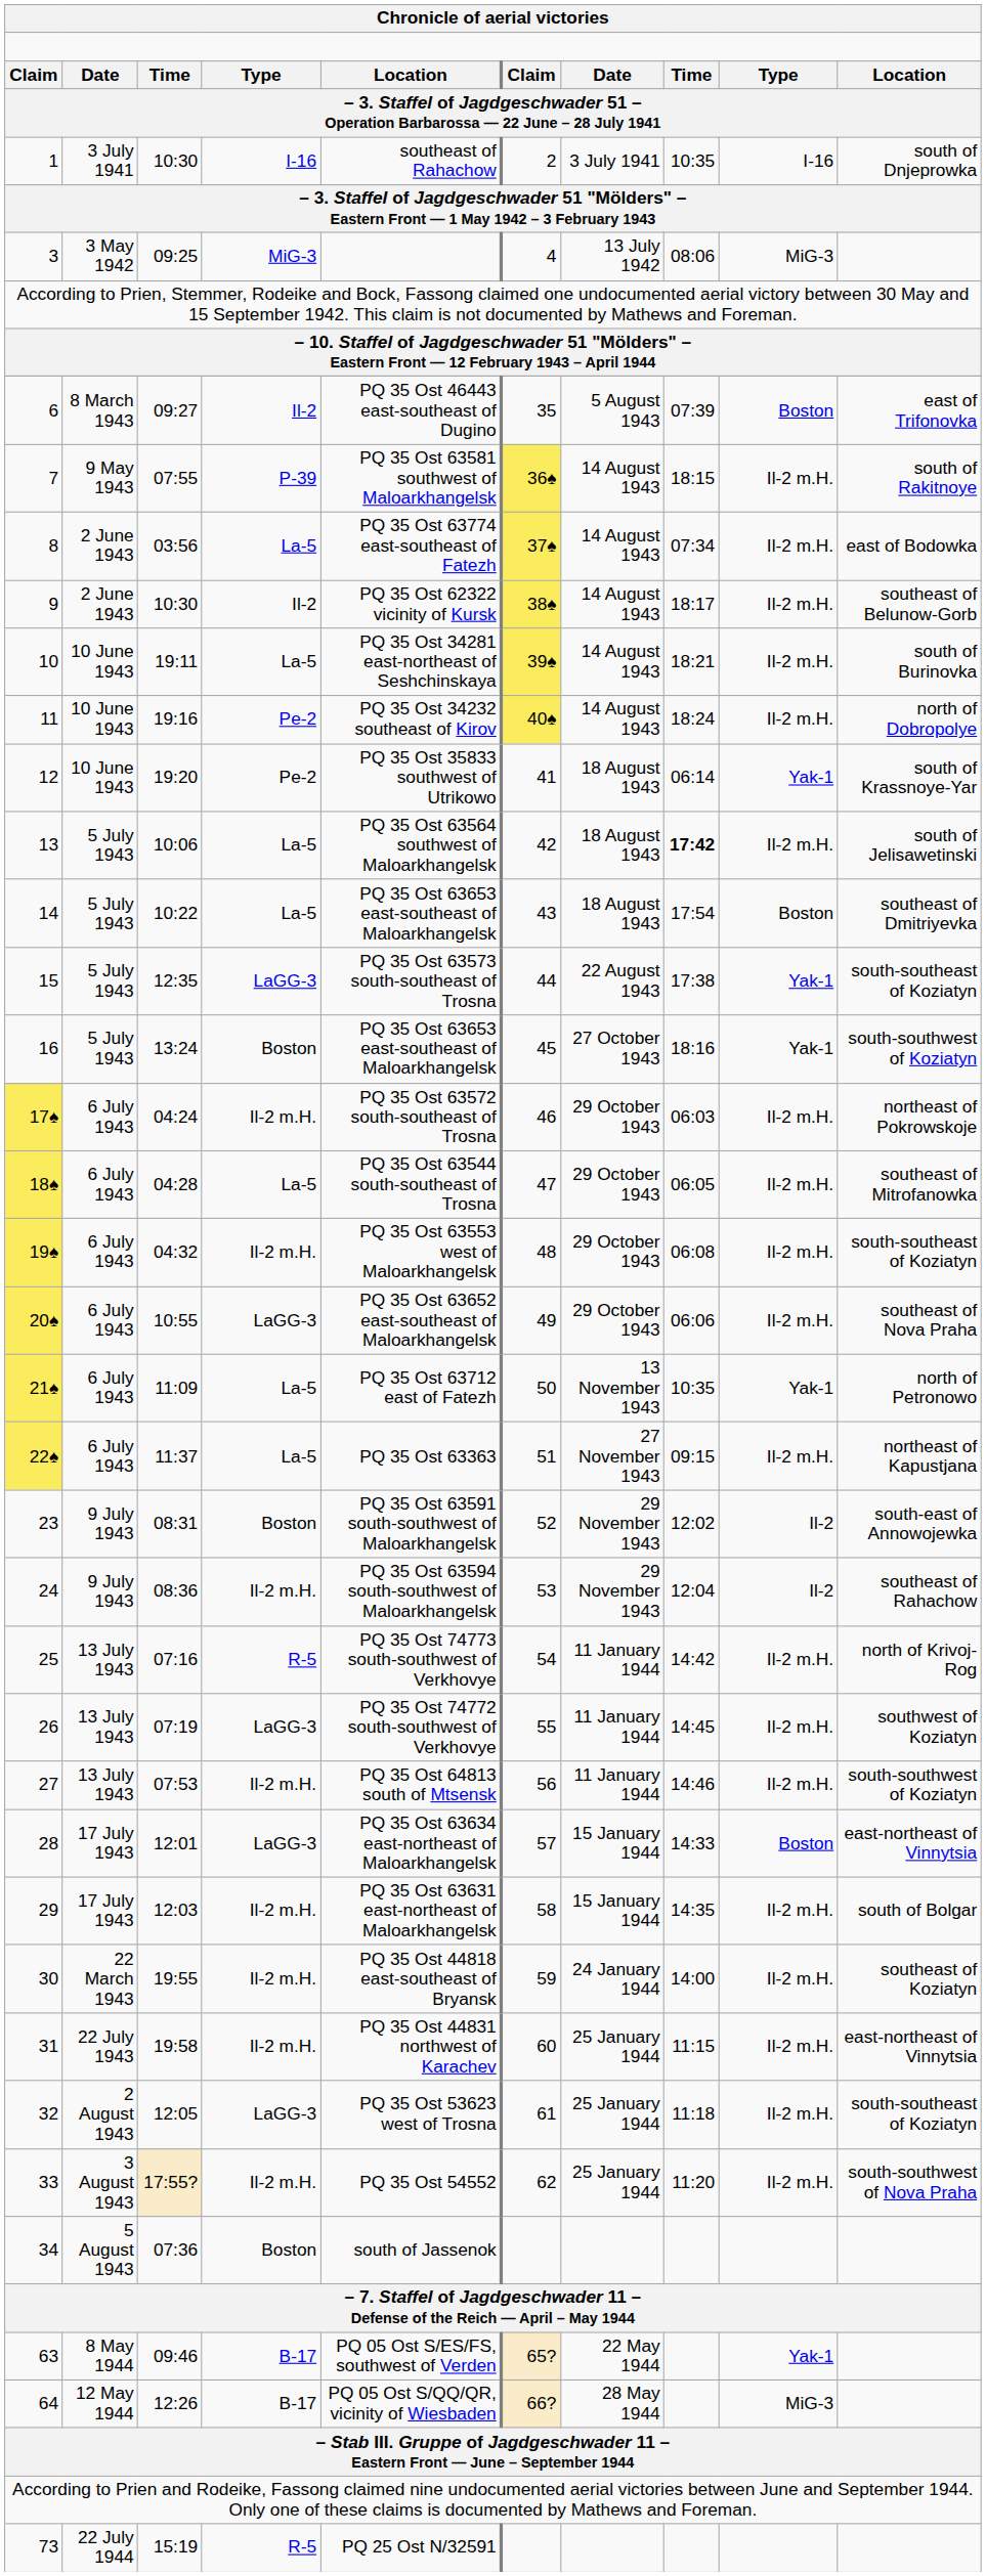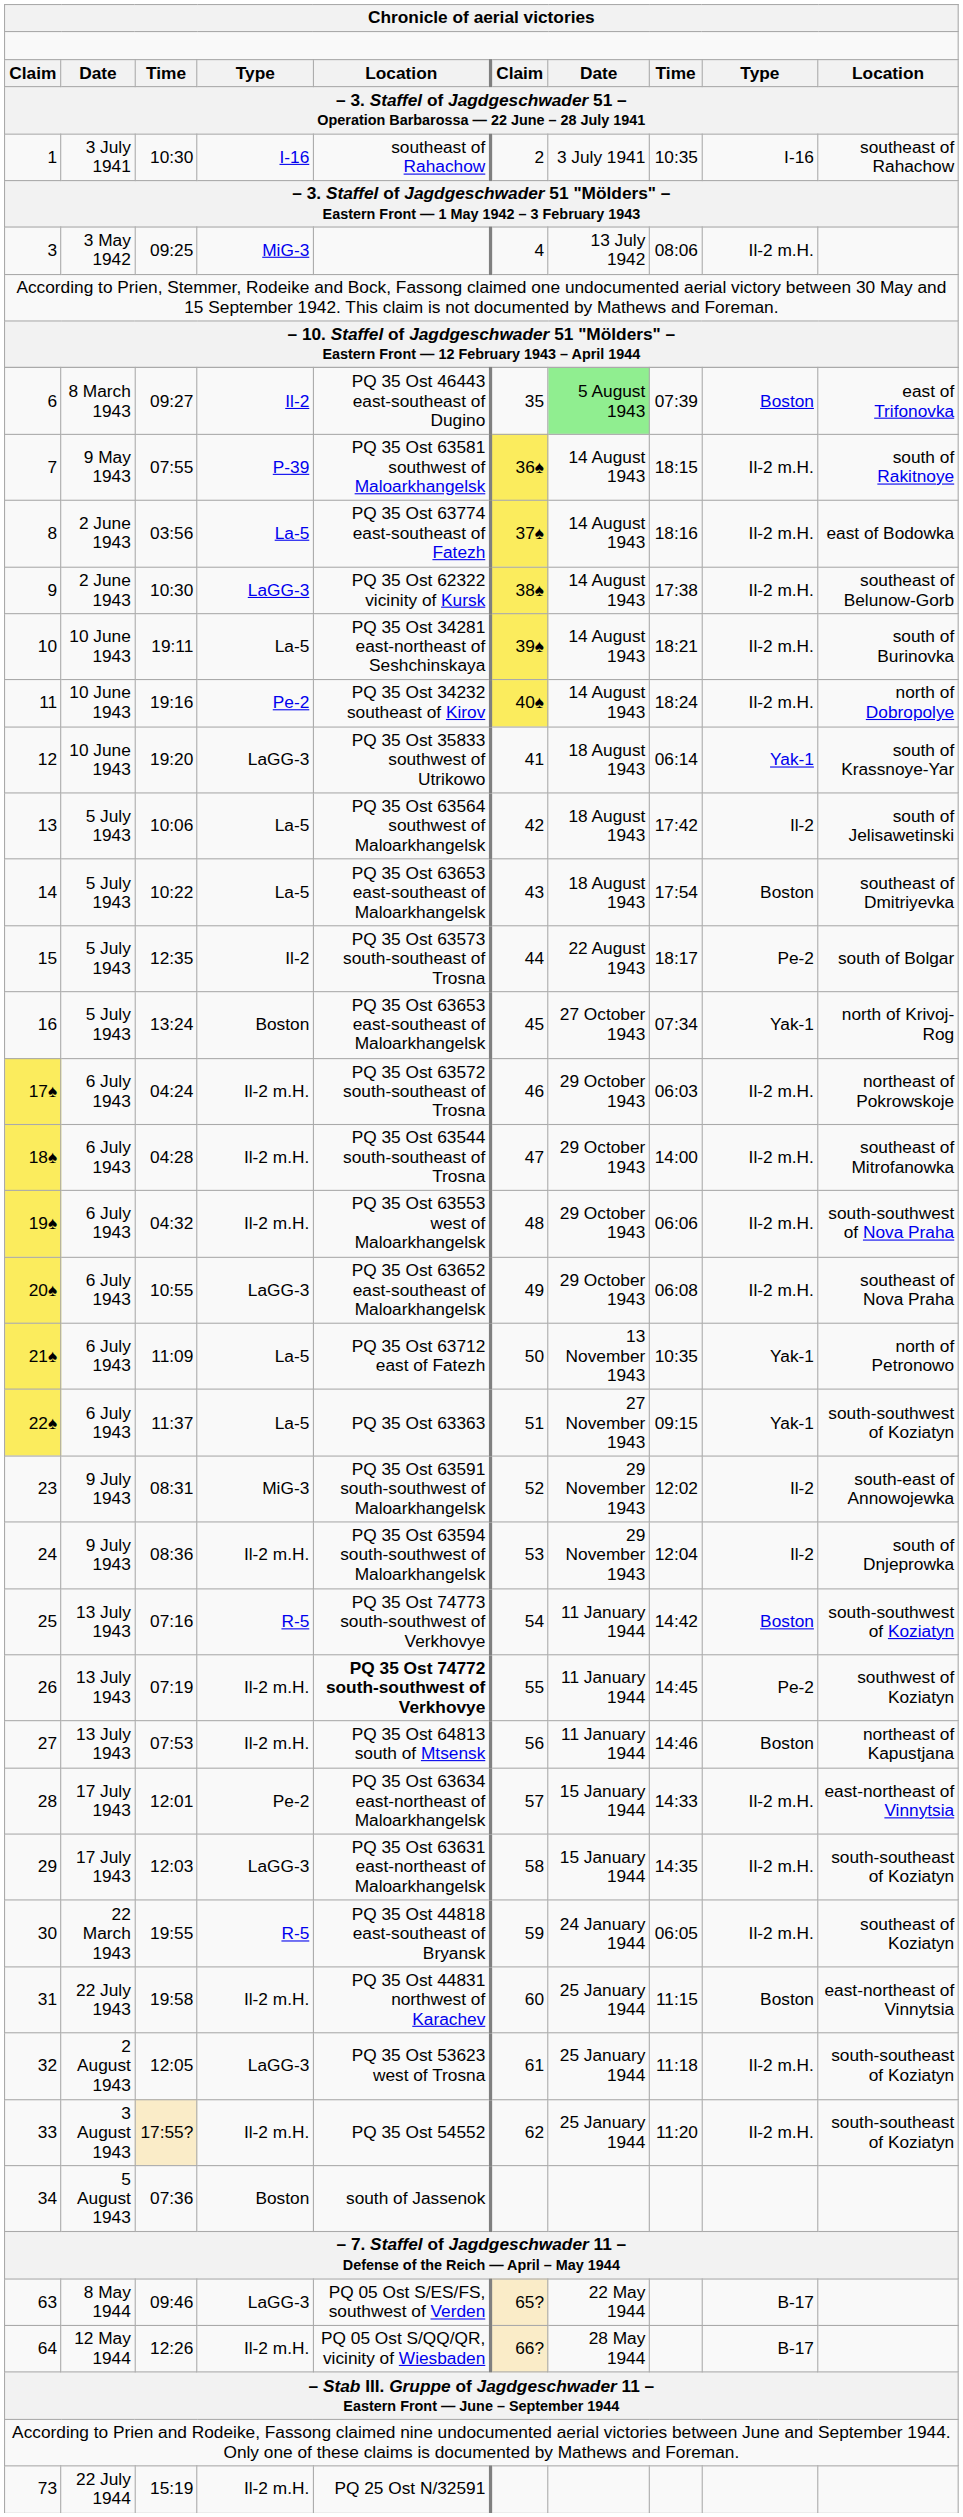 <table class="wikitable plainrowheaders collapsible" style="margin-left: auto; margin-right: auto; border: none; text-align:right; width: 100%;">
 <tr>
 <th colspan="10">Chronicle of aerial victories</th>
 </tr>
 <tr>
 <td colspan="10" style="text-align: left;"><br> </td>
 </tr>
 <tr>
 <th scope="col">Claim</th>
 <th scope="col">Date</th>
 <th scope="col">Time</th>
 <th scope="col" width="100px">Type</th>
 <th scope="col">Location</th>
 <th scope="col" style="border-left: 3px solid grey;">Claim</th>
 <th scope="col">Date</th>
 <th scope="col">Time</th>
 <th scope="col" width="100px">Type</th>
 <th scope="col">Location</th>
 </tr>
 <tr>
 <th colspan="10">– 3. <em>Staffel</em> of <em>Jagdgeschwader</em> 51 –<br><small>Operation Barbarossa — 22 June – 28 July 1941</small></th>
 </tr>
 <tr>
 <td>1</td>
 <td>3 July 1941</td>
 <td>10:30</td>
 <td><a href='#'>I-16</a></td>
 <td>southeast of <a href='#'>Rahachow</a></td>
 <td style="border-left: 3px solid grey;">2</td>
 <td>3 July 1941</td>
 <td>10:35</td>
 <td>I-16</td>
-<td> south of Dnjeprowka</td>
+<td> southeast of Rahachow</td>
 </tr>
 <tr>
 <th colspan="10">– 3. <em>Staffel</em> of <em>Jagdgeschwader</em> 51 "Mölders" –<br><small>Eastern Front — 1 May 1942 – 3 February 1943</small></th>
 </tr>
 <tr>
 <td>3</td>
 <td>3 May 1942</td>
 <td>09:25</td>
 <td><a href='#'>MiG-3</a></td>
 <td></td>
 <td style="border-left: 3px solid grey;">4</td>
 <td>13 July 1942</td>
 <td>08:06</td>
-<td>MiG-3</td>
+<td>Il-2 m.H.</td>
 <td></td>
 </tr>
 <tr>
 <td colspan="10" style="text-align: center">According to Prien, Stemmer, Rodeike and Bock, Fassong claimed one undocumented aerial victory between 30 May and 15 September 1942. This claim is not documented by Mathews and Foreman.</td>
 </tr>
 <tr>
 <th colspan="10">– 10. <em>Staffel</em> of <em>Jagdgeschwader</em> 51 "Mölders" –<br><small>Eastern Front — 12 February 1943 – April 1944</small></th>
 </tr>
 <tr>
 </tr>
 <tr>
 <td>6</td>
 <td>8 March 1943</td>
 <td>09:27</td>
 <td><a href='#'>Il-2</a></td>
 <td>PQ 35 Ost 46443<br> east-southeast of Dugino</td>
 <td style="border-left: 3px solid grey;">35</td>
-<td>5 August 1943</td>
+<td style="background: lightgreen;">5 August 1943</td>
 <td>07:39</td>
 <td><a href='#'>Boston</a></td>
 <td>east of <a href='#'>Trifonovka</a></td>
 </tr>
 <tr>
 <td>7</td>
 <td>9 May 1943</td>
 <td>07:55</td>
 <td><a href='#'>P-39</a></td>
 <td>PQ 35 Ost 63581<br> southwest of <a href='#'>Maloarkhangelsk</a></td>
 <td style="border-left: 3px solid grey; background:#fbec5d;">36♠</td>
 <td>14 August 1943</td>
 <td>18:15</td>
 <td>Il-2 m.H.</td>
 <td>south of <a href='#'>Rakitnoye</a></td>
 </tr>
 <tr>
 <td>8</td>
 <td>2 June 1943</td>
 <td>03:56</td>
 <td><a href='#'>La-5</a></td>
 <td>PQ 35 Ost 63774<br> east-southeast of <a href='#'>Fatezh</a></td>
 <td style="border-left: 3px solid grey; background:#fbec5d;">37♠</td>
 <td>14 August 1943</td>
-<td>07:34</td>
+<td>18:16</td>
 <td>Il-2 m.H.</td>
 <td>east of Bodowka</td>
 </tr>
 <tr>
 <td>9</td>
 <td>2 June 1943</td>
 <td>10:30</td>
-<td>Il-2</td>
+<td><a href='#'>LaGG-3</a></td>
 <td>PQ 35 Ost 62322<br>vicinity of <a href='#'>Kursk</a></td>
 <td style="border-left: 3px solid grey; background:#fbec5d;">38♠</td>
 <td>14 August 1943</td>
-<td>18:17</td>
+<td>17:38</td>
 <td>Il-2 m.H.</td>
 <td>southeast of Belunow-Gorb</td>
 </tr>
 <tr>
 <td>10</td>
 <td>10 June 1943</td>
 <td>19:11</td>
 <td>La-5</td>
 <td>PQ 35 Ost 34281<br> east-northeast of Seshchinskaya</td>
 <td style="border-left: 3px solid grey; background:#fbec5d;">39♠</td>
 <td>14 August 1943</td>
 <td>18:21</td>
 <td>Il-2 m.H.</td>
 <td>south of Burinovka</td>
 </tr>
 <tr>
 <td>11</td>
 <td>10 June 1943</td>
 <td>19:16</td>
 <td><a href='#'>Pe-2</a></td>
 <td>PQ 35 Ost 34232<br> southeast of <a href='#'>Kirov</a></td>
 <td style="border-left: 3px solid grey; background:#fbec5d;">40♠</td>
 <td>14 August 1943</td>
 <td>18:24</td>
 <td>Il-2 m.H.</td>
 <td>north of <a href='#'>Dobropolye</a></td>
 </tr>
 <tr>
 <td>12</td>
 <td>10 June 1943</td>
 <td>19:20</td>
-<td>Pe-2</td>
+<td>LaGG-3</td>
 <td>PQ 35 Ost 35833<br> southwest of Utrikowo</td>
 <td style="border-left: 3px solid grey;">41</td>
 <td>18 August 1943</td>
 <td>06:14</td>
 <td><a href='#'>Yak-1</a></td>
 <td>south of Krassnoye-Yar</td>
 </tr>
 <tr>
 <td>13</td>
 <td>5 July 1943</td>
 <td>10:06</td>
 <td>La-5</td>
 <td>PQ 35 Ost 63564<br> southwest of Maloarkhangelsk</td>
 <td style="border-left: 3px solid grey;">42</td>
 <td>18 August 1943</td>
-<td><strong>17:42</strong></td>
-<td>Il-2 m.H.</td>
+<td>17:42</td>
+<td>Il-2</td>
 <td>south of Jelisawetinski</td>
 </tr>
 <tr>
 <td>14</td>
 <td>5 July 1943</td>
 <td>10:22</td>
 <td>La-5</td>
 <td>PQ 35 Ost 63653<br> east-southeast of Maloarkhangelsk</td>
 <td style="border-left: 3px solid grey;">43</td>
 <td>18 August 1943</td>
 <td>17:54</td>
 <td>Boston</td>
 <td>southeast of Dmitriyevka</td>
 </tr>
 <tr>
 <td>15</td>
 <td>5 July 1943</td>
 <td>12:35</td>
-<td><a href='#'>LaGG-3</a></td>
+<td>Il-2</td>
 <td>PQ 35 Ost 63573<br> south-southeast of Trosna</td>
 <td style="border-left: 3px solid grey;">44</td>
 <td>22 August 1943</td>
-<td>17:38</td>
-<td><a href='#'>Yak-1</a></td>
-<td> south-southeast of Koziatyn</td>
+<td>18:17</td>
+<td>Pe-2</td>
+<td>south of Bolgar</td>
 </tr>
 <tr>
 <td>16</td>
 <td>5 July 1943</td>
 <td>13:24</td>
 <td>Boston</td>
 <td>PQ 35 Ost 63653<br> east-southeast of Maloarkhangelsk</td>
 <td style="border-left: 3px solid grey;">45</td>
 <td>27 October 1943</td>
-<td>18:16</td>
+<td>07:34</td>
 <td>Yak-1</td>
-<td> south-southwest of <a href='#'>Koziatyn</a></td>
+<td>north of Krivoj-Rog</td>
 </tr>
 <tr>
 <td style="background:#fbec5d;">17♠</td>
 <td>6 July 1943</td>
 <td>04:24</td>
 <td>Il-2 m.H.</td>
 <td>PQ 35 Ost 63572<br> south-southeast of Trosna</td>
 <td style="border-left: 3px solid grey;">46</td>
 <td>29 October 1943</td>
 <td>06:03</td>
 <td>Il-2 m.H.</td>
 <td>northeast of Pokrowskoje</td>
 </tr>
 <tr>
 <td style="background:#fbec5d;">18♠</td>
 <td>6 July 1943</td>
 <td>04:28</td>
-<td>La-5</td>
+<td>Il-2 m.H.</td>
 <td>PQ 35 Ost 63544<br> south-southeast of Trosna</td>
 <td style="border-left: 3px solid grey;">47</td>
 <td>29 October 1943</td>
-<td>06:05</td>
+<td>14:00</td>
 <td>Il-2 m.H.</td>
 <td>southeast of Mitrofanowka</td>
 </tr>
 <tr>
 <td style="background:#fbec5d;">19♠</td>
 <td>6 July 1943</td>
 <td>04:32</td>
 <td>Il-2 m.H.</td>
 <td>PQ 35 Ost 63553<br> west of Maloarkhangelsk</td>
 <td style="border-left: 3px solid grey;">48</td>
 <td>29 October 1943</td>
-<td>06:08</td>
+<td>06:06</td>
 <td>Il-2 m.H.</td>
-<td> south-southeast of Koziatyn</td>
+<td>south-southwest of <a href='#'>Nova Praha</a></td>
 </tr>
 <tr>
 <td style="background:#fbec5d;">20♠</td>
 <td>6 July 1943</td>
 <td>10:55</td>
 <td>LaGG-3</td>
 <td>PQ 35 Ost 63652<br> east-southeast of Maloarkhangelsk</td>
 <td style="border-left: 3px solid grey;">49</td>
 <td>29 October 1943</td>
-<td>06:06</td>
+<td>06:08</td>
 <td>Il-2 m.H.</td>
 <td>southeast of Nova Praha</td>
 </tr>
 <tr>
 <td style="background:#fbec5d;">21♠</td>
 <td>6 July 1943</td>
 <td>11:09</td>
 <td>La-5</td>
 <td>PQ 35 Ost 63712<br> east of Fatezh</td>
 <td style="border-left: 3px solid grey;">50</td>
 <td>13 November 1943</td>
 <td>10:35</td>
 <td>Yak-1</td>
 <td> north of Petronowo</td>
 </tr>
 <tr>
 <td style="background:#fbec5d;">22♠</td>
 <td>6 July 1943</td>
 <td>11:37</td>
 <td>La-5</td>
 <td>PQ 35 Ost 63363</td>
 <td style="border-left: 3px solid grey;">51</td>
 <td>27 November 1943</td>
 <td>09:15</td>
-<td>Il-2 m.H.</td>
-<td> northeast of Kapustjana</td>
+<td>Yak-1</td>
+<td> south-southwest of Koziatyn</td>
 </tr>
 <tr>
 <td>23</td>
 <td>9 July 1943</td>
 <td>08:31</td>
-<td>Boston</td>
+<td>MiG-3</td>
 <td>PQ 35 Ost 63591<br> south-southwest of Maloarkhangelsk</td>
 <td style="border-left: 3px solid grey;">52</td>
 <td>29 November 1943</td>
 <td>12:02</td>
 <td>Il-2</td>
 <td> south-east of Annowojewka</td>
 </tr>
 <tr>
 <td>24</td>
 <td>9 July 1943</td>
 <td>08:36</td>
 <td>Il-2 m.H.</td>
 <td>PQ 35 Ost 63594<br> south-southwest of Maloarkhangelsk</td>
 <td style="border-left: 3px solid grey;">53</td>
 <td>29 November 1943</td>
 <td>12:04</td>
 <td>Il-2</td>
-<td> southeast of Rahachow</td>
+<td> south of Dnjeprowka</td>
 </tr>
 <tr>
 <td>25</td>
 <td>13 July 1943</td>
 <td>07:16</td>
 <td><a href='#'>R-5</a></td>
 <td>PQ 35 Ost 74773<br> south-southwest of Verkhovye</td>
 <td style="border-left: 3px solid grey;">54</td>
 <td>11 January 1944</td>
 <td>14:42</td>
-<td>Il-2 m.H.</td>
-<td>north of Krivoj-Rog</td>
+<td><a href='#'>Boston</a></td>
+<td> south-southwest of <a href='#'>Koziatyn</a></td>
 </tr>
 <tr>
 <td>26</td>
 <td>13 July 1943</td>
 <td>07:19</td>
-<td>LaGG-3</td>
-<td>PQ 35 Ost 74772<br> south-southwest of Verkhovye</td>
+<td>Il-2 m.H.</td>
+<td><strong>PQ 35 Ost 74772<br> south-southwest of Verkhovye</strong></td>
 <td style="border-left: 3px solid grey;">55</td>
 <td>11 January 1944</td>
 <td>14:45</td>
-<td>Il-2 m.H.</td>
+<td>Pe-2</td>
 <td> southwest of Koziatyn</td>
 </tr>
 <tr>
 <td>27</td>
 <td>13 July 1943</td>
 <td>07:53</td>
 <td>Il-2 m.H.</td>
 <td>PQ 35 Ost 64813<br> south of <a href='#'>Mtsensk</a></td>
 <td style="border-left: 3px solid grey;">56</td>
 <td>11 January 1944</td>
 <td>14:46</td>
-<td>Il-2 m.H.</td>
-<td> south-southwest of Koziatyn</td>
+<td>Boston</td>
+<td> northeast of Kapustjana</td>
 </tr>
 <tr>
 <td>28</td>
 <td>17 July 1943</td>
 <td>12:01</td>
-<td>LaGG-3</td>
+<td>Pe-2</td>
 <td>PQ 35 Ost 63634<br> east-northeast of Maloarkhangelsk</td>
 <td style="border-left: 3px solid grey;">57</td>
 <td>15 January 1944</td>
 <td>14:33</td>
-<td><a href='#'>Boston</a></td>
+<td>Il-2 m.H.</td>
 <td> east-northeast of <a href='#'>Vinnytsia</a></td>
 </tr>
 <tr>
 <td>29</td>
 <td>17 July 1943</td>
 <td>12:03</td>
-<td>Il-2 m.H.</td>
+<td>LaGG-3</td>
 <td>PQ 35 Ost 63631<br> east-northeast of Maloarkhangelsk</td>
 <td style="border-left: 3px solid grey;">58</td>
 <td>15 January 1944</td>
 <td>14:35</td>
 <td>Il-2 m.H.</td>
-<td>south of Bolgar</td>
+<td> south-southeast of Koziatyn</td>
 </tr>
 <tr>
 <td>30</td>
 <td>22 March 1943</td>
 <td>19:55</td>
-<td>Il-2 m.H.</td>
+<td><a href='#'>R-5</a></td>
 <td>PQ 35 Ost 44818<br> east-southeast of Bryansk</td>
 <td style="border-left: 3px solid grey;">59</td>
 <td>24 January 1944</td>
-<td>14:00</td>
+<td>06:05</td>
 <td>Il-2 m.H.</td>
 <td> southeast of Koziatyn</td>
 </tr>
 <tr>
 <td>31</td>
 <td>22 July 1943</td>
 <td>19:58</td>
 <td>Il-2 m.H.</td>
 <td>PQ 35 Ost 44831<br> northwest of <a href='#'>Karachev</a></td>
 <td style="border-left: 3px solid grey;">60</td>
 <td>25 January 1944</td>
 <td>11:15</td>
-<td>Il-2 m.H.</td>
+<td>Boston</td>
 <td> east-northeast of Vinnytsia</td>
 </tr>
 <tr>
 <td>32</td>
 <td>2 August 1943</td>
 <td>12:05</td>
 <td>LaGG-3</td>
 <td>PQ 35 Ost 53623<br> west of Trosna</td>
 <td style="border-left: 3px solid grey;">61</td>
 <td>25 January 1944</td>
 <td>11:18</td>
 <td>Il-2 m.H.</td>
 <td> south-southeast of Koziatyn</td>
 </tr>
 <tr>
 <td>33</td>
 <td>3 August 1943</td>
 <td style="background:#faecc8">17:55?</td>
 <td>Il-2 m.H.</td>
 <td>PQ 35 Ost 54552</td>
 <td style="border-left: 3px solid grey;">62</td>
 <td>25 January 1944</td>
 <td>11:20</td>
 <td>Il-2 m.H.</td>
-<td>south-southwest of <a href='#'>Nova Praha</a></td>
+<td> south-southeast of Koziatyn</td>
 </tr>
 <tr>
 <td>34</td>
 <td>5 August 1943</td>
 <td>07:36</td>
 <td>Boston</td>
 <td>south of Jassenok</td>
 <td style="border-left: 3px solid grey;"></td>
 <td></td>
 <td></td>
 <td></td>
 <td></td>
 </tr>
 <tr>
 <th colspan="10">– 7. <em>Staffel</em> of <em>Jagdgeschwader</em> 11 –<br><small>Defense of the Reich — April – May 1944</small></th>
 </tr>
 <tr>
 <td>63</td>
 <td>8 May 1944</td>
 <td>09:46</td>
-<td><a href='#'>B-17</a></td>
+<td>LaGG-3</td>
 <td>PQ 05 Ost S/ES/FS, southwest of <a href='#'>Verden</a></td>
 <td style="border-left: 3px solid grey; background:#faecc8">65?</td>
 <td>22 May 1944</td>
 <td></td>
-<td><a href='#'>Yak-1</a></td>
+<td>B-17</td>
 <td></td>
 </tr>
 <tr>
 <td>64</td>
 <td>12 May 1944</td>
 <td>12:26</td>
-<td>B-17</td>
+<td>Il-2 m.H.</td>
 <td>PQ 05 Ost S/QQ/QR, vicinity of <a href='#'>Wiesbaden</a></td>
 <td style="border-left: 3px solid grey; background:#faecc8">66?</td>
 <td>28 May 1944</td>
 <td></td>
-<td>MiG-3</td>
+<td>B-17</td>
 <td></td>
 </tr>
 <tr>
 <th colspan="10">– <em>Stab</em> III. <em>Gruppe</em> of <em>Jagdgeschwader</em> 11 –<br><small>Eastern Front — June – September 1944</small></th>
 </tr>
 <tr>
 <td colspan="10" style="text-align: center">According to Prien and Rodeike, Fassong claimed nine undocumented aerial victories between June and September 1944. Only one of these claims is documented by Mathews and Foreman.</td>
 </tr>
 <tr>
 <td>73</td>
 <td>22 July 1944</td>
 <td>15:19</td>
-<td><a href='#'>R-5</a></td>
+<td>Il-2 m.H.</td>
 <td>PQ 25 Ost N/32591</td>
 <td style="border-left: 3px solid grey;"></td>
 <td></td>
 <td></td>
 <td></td>
 <td></td>
 </tr>
 </table>
